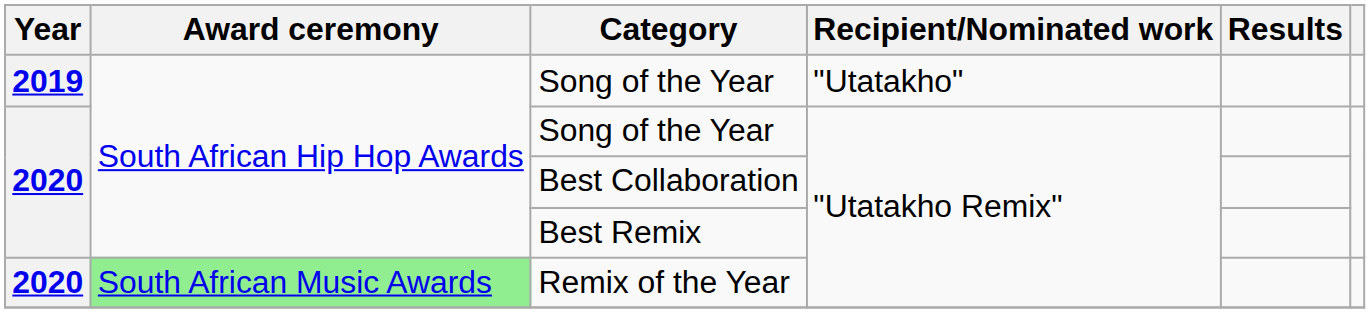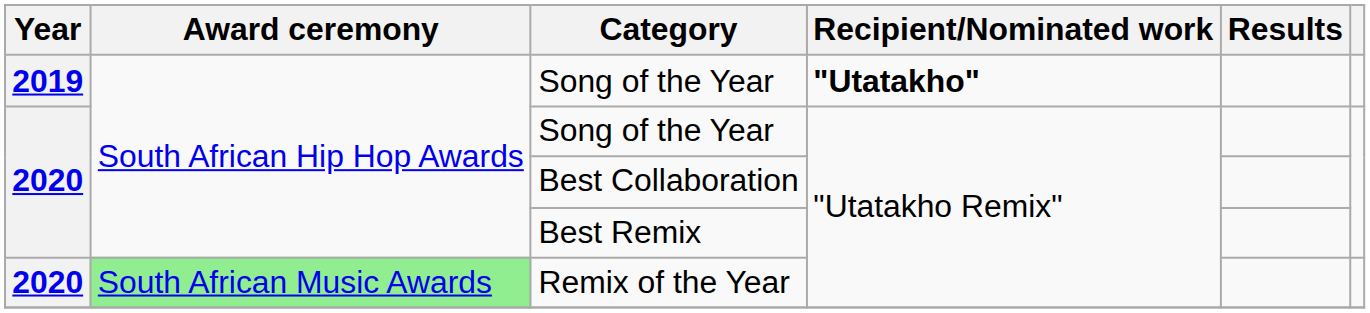 <table class="wikitable plainrowheaders">
 <tr>
 <th>Year</th>
 <th>Award ceremony</th>
 <th>Category</th>
 <th>Recipient/Nominated work</th>
 <th>Results</th>
 <th></th>
 </tr>
 <tr>
 <th scope="row"><a href='#'>2019</a></th>
 <td rowspan="4"><a href='#'>South African Hip Hop Awards</a></td>
 <td>Song of the Year</td>
-<td>"Utatakho"</td>
+<td><strong>"Utatakho"</strong></td>
 <td></td>
 <td></td>
 </tr>
 <tr>
 <th scope="row" rowspan="3"><a href='#'>2020</a></th>
 <td>Song of the Year</td>
 <td rowspan="4">"Utatakho Remix"</td>
 <td></td>
 <td rowspan="3"></td>
 </tr>
 <tr>
 <td>Best Collaboration</td>
 <td></td>
 </tr>
 <tr>
 <td>Best Remix</td>
 <td></td>
 </tr>
 <tr>
 <th scope="row"><a href='#'>2020</a></th>
 <td style="background: lightgreen;"><a href='#'>South African Music Awards</a></td>
 <td>Remix of the Year</td>
 <td></td>
 <td></td>
 </tr>
 <tr>
 </tr>
 </table>
